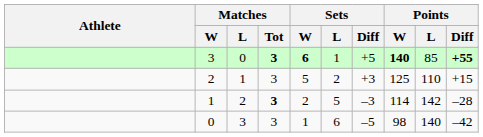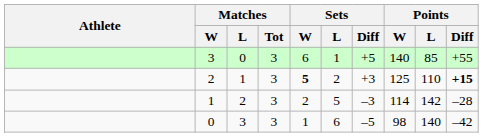 <table class=wikitable style="text-align:center">
 <tr>
 <th rowspan=2 width=220>Athlete</th>
 <th colspan=3 width=90>Matches</th>
 <th colspan=3 width=90>Sets</th>
 <th colspan=3 width=90>Points</th>
 </tr>
 <tr>
 <th width=30>W</th>
 <th width=30>L</th>
 <th width=30>Tot</th>
 <th width=30>W</th>
 <th width=30>L</th>
 <th width=30>Diff</th>
 <th width=30>W</th>
 <th width=30>L</th>
 <th width=30>Diff</th>
 </tr>
 <tr bgcolor=ccffcc>
 <td style="text-align:left"></td>
 <td>3</td>
 <td>0</td>
-<td><strong>3</strong></td>
-<td><strong>6</strong></td>
+<td>3</td>
+<td>6</td>
 <td>1</td>
 <td>+5</td>
-<td><strong>140</strong></td>
+<td>140</td>
 <td>85</td>
-<td><strong>+55</strong></td>
+<td>+55</td>
 </tr>
 <tr>
 <td style="text-align:left"></td>
 <td>2</td>
 <td>1</td>
 <td>3</td>
-<td>5</td>
+<td><strong>5</strong></td>
 <td>2</td>
 <td>+3</td>
 <td>125</td>
 <td>110</td>
-<td>+15</td>
+<td><strong>+15</strong></td>
 </tr>
 <tr>
 <td style="text-align:left"></td>
 <td>1</td>
 <td>2</td>
-<td><strong>3</strong></td>
+<td>3</td>
 <td>2</td>
 <td>5</td>
 <td>–3</td>
 <td>114</td>
 <td>142</td>
 <td>–28</td>
 </tr>
 <tr>
 <td style="text-align:left"></td>
 <td>0</td>
 <td>3</td>
 <td>3</td>
 <td>1</td>
 <td>6</td>
 <td>–5</td>
 <td>98</td>
 <td>140</td>
 <td>–42</td>
 </tr>
 </table>
